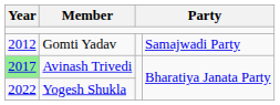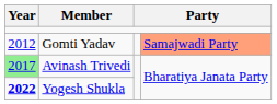 <table class="wikitable">
 <tr>
 <th>Year</th>
 <th>Member</th>
 <th colspan="2">Party</th>
 </tr>
 <tr>
 <td colspan="4"></td>
 </tr>
 <tr>
 <td><a href='#'>2012</a></td>
 <td>Gomti Yadav</td>
 <td style="background-color: "></td>
-<td><a href='#'>Samajwadi Party</a></td>
+<td style="background: lightsalmon;"><a href='#'>Samajwadi Party</a></td>
 </tr>
 <tr>
 <td style="background: lightgreen;"><a href='#'>2017</a></td>
 <td><a href='#'>Avinash Trivedi</a></td>
 <td rowspan="2" style="background-color: "></td>
 <td rowspan="2"><a href='#'>Bharatiya Janata Party</a></td>
 </tr>
 <tr>
-<td><a href='#'>2022</a></td>
+<td><strong><a href='#'>2022</a></strong></td>
 <td><a href='#'>Yogesh Shukla</a></td>
 </tr>
 </table>
